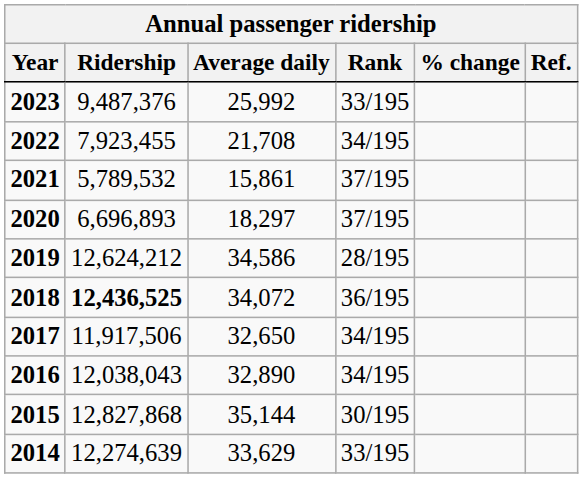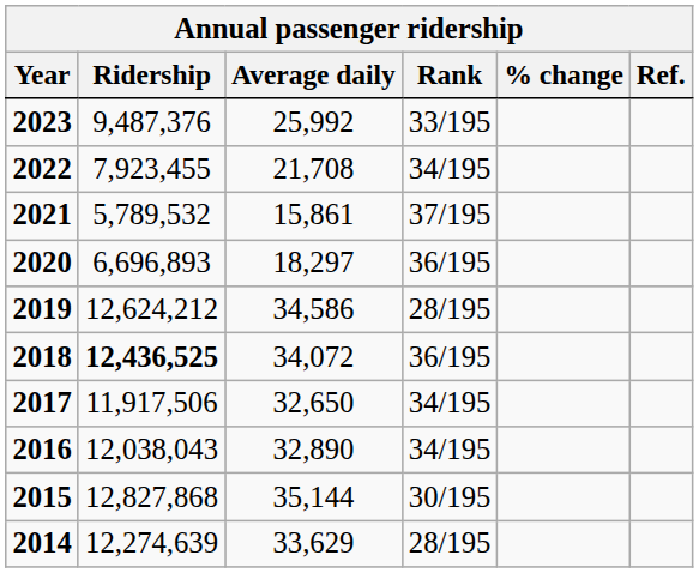 <table class="wikitable sortable" style="text-align:right;">
 <tr>
 <th colspan="6" style="background-color:#">Annual passenger ridership</th>
 </tr>
 <tr style="font-size:95%; text-align:center">
 <th style="border-bottom:1px solid black">Year</th>
 <th style="border-bottom:1px solid black">Ridership</th>
 <th style="border-bottom:1px solid black">Average daily</th>
 <th style="border-bottom:1px solid black">Rank</th>
 <th style="border-bottom:1px solid black">% change</th>
 <th style="border-bottom:1px solid black">Ref.</th>
 </tr>
 <tr style="text-align:center;">
 <td><strong>2023</strong></td>
 <td>9,487,376</td>
 <td>25,992</td>
 <td>33/195</td>
 <td></td>
 <td></td>
 </tr>
 <tr style="text-align:center;">
 <td><strong>2022</strong></td>
 <td>7,923,455</td>
 <td>21,708</td>
 <td>34/195</td>
 <td></td>
 <td></td>
 </tr>
 <tr style="text-align:center;">
 <td><strong>2021</strong></td>
 <td>5,789,532</td>
 <td>15,861</td>
 <td>37/195</td>
 <td></td>
 <td></td>
 </tr>
 <tr style="text-align:center;">
 <td><strong>2020</strong></td>
 <td>6,696,893</td>
 <td>18,297</td>
-<td>37/195</td>
+<td>36/195</td>
 <td></td>
 <td></td>
 </tr>
 <tr style="text-align:center;">
 <td><strong>2019</strong></td>
 <td>12,624,212</td>
 <td>34,586</td>
 <td>28/195</td>
 <td></td>
 <td></td>
 </tr>
 <tr style="text-align:center;">
 <td><strong>2018</strong></td>
 <td><strong>12,436,525</strong></td>
 <td>34,072</td>
 <td>36/195</td>
 <td></td>
 <td></td>
 </tr>
 <tr style="text-align:center;">
 <td><strong>2017</strong></td>
 <td>11,917,506</td>
 <td>32,650</td>
 <td>34/195</td>
 <td></td>
 <td></td>
 </tr>
 <tr style="text-align:center;">
 <td><strong>2016</strong></td>
 <td>12,038,043</td>
 <td>32,890</td>
 <td>34/195</td>
 <td></td>
 <td></td>
 </tr>
 <tr style="text-align:center;">
 <td><strong>2015</strong></td>
 <td>12,827,868</td>
 <td>35,144</td>
 <td>30/195</td>
 <td></td>
 <td></td>
 </tr>
 <tr style="text-align:center;">
 <td><strong>2014</strong></td>
 <td>12,274,639</td>
 <td>33,629</td>
-<td>33/195</td>
+<td>28/195</td>
 <td></td>
 <td></td>
 </tr>
 </table>
